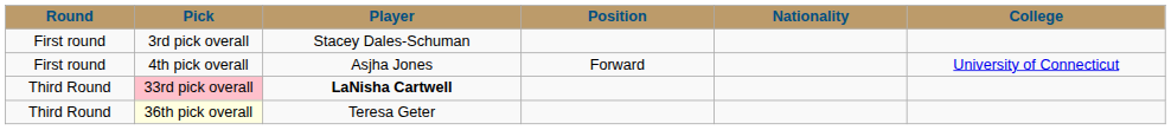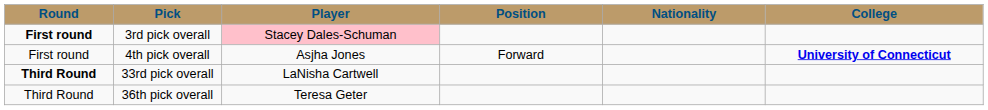 <table class="wikitable sortable sortable">
 <tr>
 <th style="background:#bc9b6a; color:#004f83" width="10%">Round</th>
 <th style="background:#bc9b6a; color:#004f83" width="10%">Pick</th>
 <th style="background:#bc9b6a; color:#004f83" width="20%">Player</th>
 <th style="background:#bc9b6a; color:#004f83" width="15%">Position</th>
 <th style="background:#bc9b6a; color:#004f83" width="15%">Nationality</th>
 <th style="background:#bc9b6a; color:#004f83" width="20%">College</th>
 </tr>
 <tr style="text-align: center">
-<td>First round</td>
+<td><strong>First round</strong></td>
 <td>3rd pick overall</td>
-<td>Stacey Dales-Schuman</td>
+<td style="background: pink;">Stacey Dales-Schuman</td>
 <td></td>
 <td></td>
 <td></td>
 </tr>
 <tr style="text-align: center">
 <td>First round</td>
 <td>4th pick overall</td>
 <td>Asjha Jones</td>
 <td>Forward</td>
 <td></td>
-<td><a href='#'>University of Connecticut</a></td>
+<td><strong><a href='#'>University of Connecticut</a></strong></td>
 </tr>
 <tr style="text-align: center">
-<td>Third Round</td>
-<td style="background: pink;">33rd pick overall</td>
-<td><strong>LaNisha Cartwell</strong></td>
+<td><strong>Third Round</strong></td>
+<td>33rd pick overall</td>
+<td>LaNisha Cartwell</td>
 <td></td>
 <td></td>
 <td></td>
 </tr>
 <tr style="text-align: center">
 <td>Third Round</td>
-<td style="background: lightyellow;">36th pick overall</td>
+<td>36th pick overall</td>
 <td>Teresa Geter</td>
 <td></td>
 <td></td>
 <td></td>
 </tr>
 </table>
